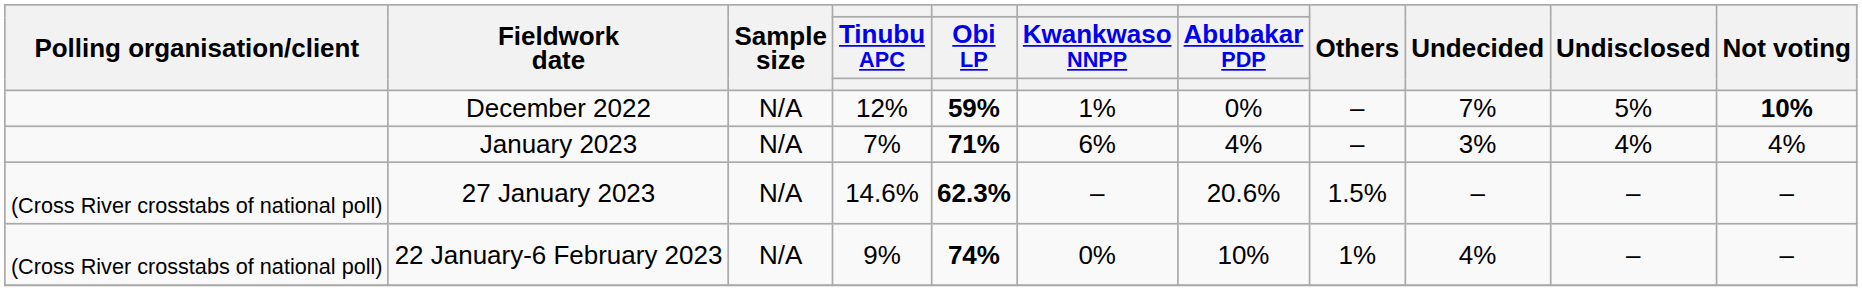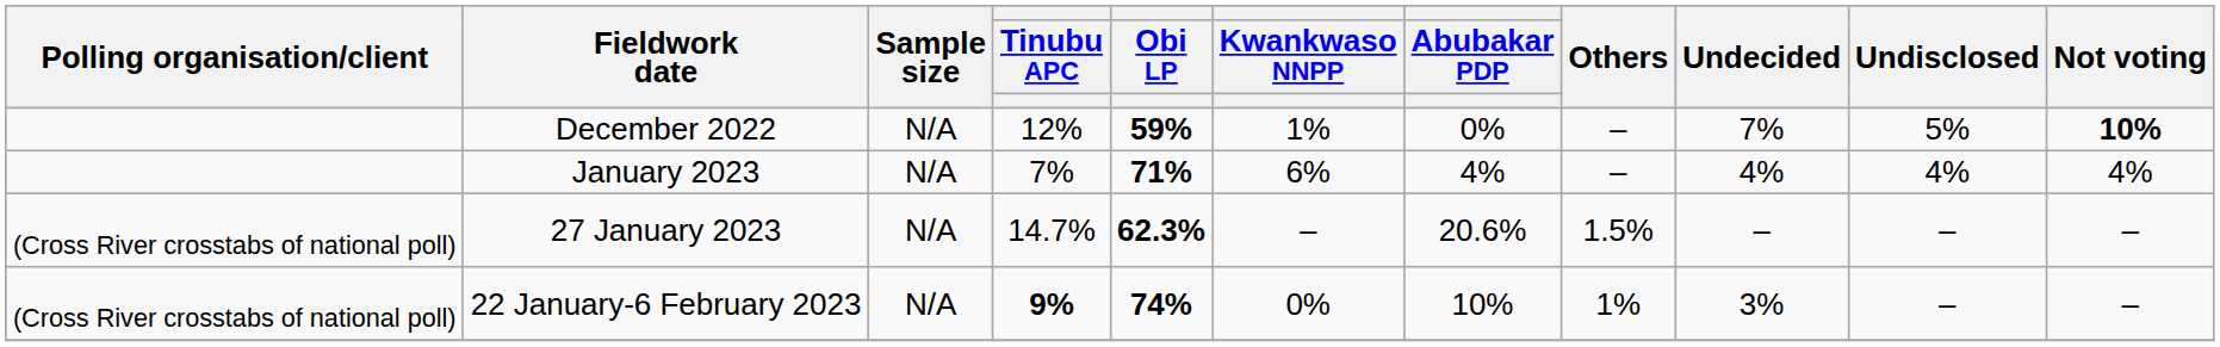 <table class="wikitable" style="text-align:center;font-size:95%;line-height:14px;">
 <tr>
 <th rowspan="3">Polling organisation/client</th>
 <th rowspan="3">Fieldwork<br>date</th>
 <th rowspan="3">Sample<br>size</th>
 <th></th>
 <th></th>
 <th></th>
 <th></th>
 <th rowspan="3">Others</th>
 <th rowspan="3">Undecided</th>
 <th rowspan="3">Undisclosed</th>
 <th rowspan="3">Not voting</th>
 </tr>
 <tr>
 <th><a href='#'>Tinubu</a><br><small><a href='#'>APC</a></small></th>
 <th><a href='#'>Obi</a><br><small><a href='#'>LP</a></small></th>
 <th><a href='#'>Kwankwaso</a><br><small><a href='#'>NNPP</a></small></th>
 <th><a href='#'>Abubakar</a><br><small><a href='#'>PDP</a></small></th>
 </tr>
 <tr>
 <th style="background:"></th>
 <th style="background:"></th>
 <th style="background:"></th>
 <th style="background:"></th>
 </tr>
 <tr>
 <td></td>
 <td>December 2022</td>
 <td>N/A</td>
 <td>12%</td>
 <td><strong>59%</strong></td>
 <td>1%</td>
 <td>0%</td>
 <td>–</td>
 <td>7%</td>
 <td>5%</td>
 <td><strong>10%</strong></td>
 </tr>
 <tr>
 <td></td>
 <td>January 2023</td>
 <td>N/A</td>
 <td>7%</td>
 <td><strong>71%</strong></td>
 <td>6%</td>
 <td>4%</td>
 <td>–</td>
-<td>3%</td>
+<td>4%</td>
 <td>4%</td>
 <td>4%</td>
 </tr>
 <tr>
 <td><br><small>(Cross River crosstabs of national poll)</small></td>
 <td>27 January 2023</td>
 <td>N/A</td>
-<td>14.6%</td>
+<td>14.7%</td>
 <td><strong>62.3%</strong></td>
 <td>–</td>
 <td>20.6%</td>
 <td>1.5%</td>
 <td>–</td>
 <td>–</td>
 <td>–</td>
 </tr>
 <tr>
 <td><br><small>(Cross River crosstabs of national poll)</small></td>
 <td>22 January-6 February 2023</td>
 <td>N/A</td>
-<td>9%</td>
+<td><strong>9%</strong></td>
 <td><strong>74%</strong></td>
 <td>0%</td>
 <td>10%</td>
 <td>1%</td>
-<td>4%</td>
+<td>3%</td>
 <td>–</td>
 <td>–</td>
 </tr>
 <tr>
 </tr>
 </table>
